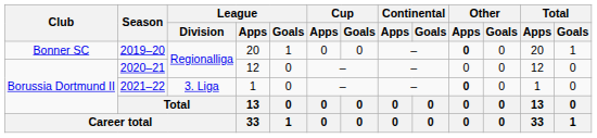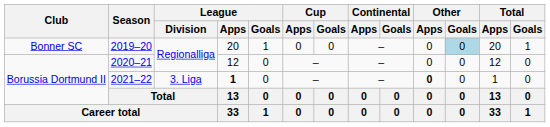 <table class="wikitable" style="text-align: center">
 <tr>
 <th rowspan="2">Club</th>
 <th rowspan="2">Season</th>
 <th colspan="3">League</th>
 <th colspan="2">Cup</th>
 <th colspan="2">Continental</th>
 <th colspan="2">Other</th>
 <th colspan="2">Total</th>
 </tr>
 <tr>
 <th>Division</th>
 <th>Apps</th>
 <th>Goals</th>
 <th>Apps</th>
 <th>Goals</th>
 <th>Apps</th>
 <th>Goals</th>
 <th>Apps</th>
 <th>Goals</th>
 <th>Apps</th>
 <th>Goals</th>
 </tr>
 <tr>
 <td><a href='#'>Bonner SC</a></td>
 <td><a href='#'>2019–20</a></td>
 <td rowspan="2"><a href='#'>Regionalliga</a></td>
 <td>20</td>
 <td>1</td>
 <td>0</td>
 <td>0</td>
 <td colspan="2">–</td>
-<td><strong>0</strong></td>
 <td>0</td>
+<td style="background: lightblue;">0</td>
 <td>20</td>
 <td>1</td>
 </tr>
 <tr>
 <td rowspan="3"><a href='#'>Borussia Dortmund II</a></td>
 <td><a href='#'>2020–21</a></td>
 <td>12</td>
 <td>0</td>
 <td colspan="2">–</td>
 <td colspan="2">–</td>
 <td>0</td>
 <td>0</td>
 <td>12</td>
 <td>0</td>
 </tr>
 <tr>
 <td><a href='#'>2021–22</a></td>
 <td><a href='#'>3. Liga</a></td>
-<td>1</td>
+<td><strong>1</strong></td>
 <td>0</td>
 <td colspan="2">–</td>
 <td colspan="2">–</td>
 <td><strong>0</strong></td>
 <td>0</td>
 <td>1</td>
 <td>0</td>
 </tr>
 <tr>
 <th colspan=2>Total</th>
 <th>13</th>
 <th>0</th>
 <th>0</th>
 <th>0</th>
 <th>0</th>
 <th>0</th>
 <th>0</th>
 <th>0</th>
 <th>13</th>
 <th>0</th>
 </tr>
 <tr>
 <th colspan=3>Career total</th>
 <th>33</th>
 <th>1</th>
 <th>0</th>
 <th>0</th>
 <th>0</th>
 <th>0</th>
 <th>0</th>
 <th>0</th>
 <th>33</th>
 <th>1</th>
 </tr>
 </table>
